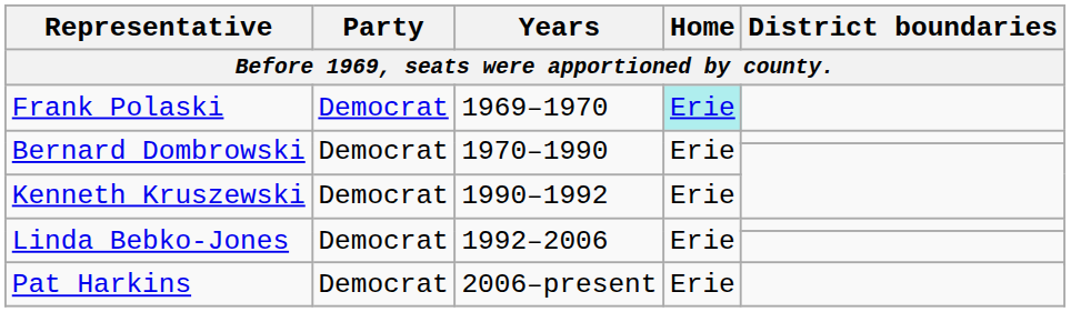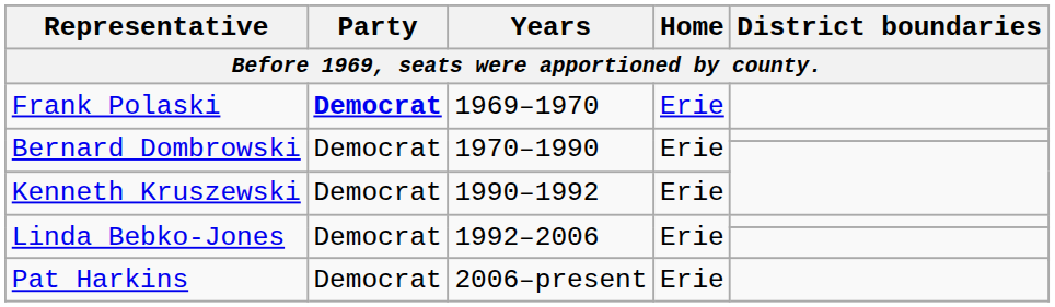 <table class=wikitable>
 <tr valign=bottom>
 <th>Representative</th>
 <th>Party</th>
 <th>Years</th>
 <th>Home</th>
 <th>District boundaries</th>
 </tr>
 <tr>
 <th colspan=5 style="font-size: 80%;"><em>Before 1969, seats were apportioned by county.</em></th>
 </tr>
 <tr>
 <td><a href='#'>Frank Polaski</a></td>
-<td><a href='#'>Democrat</a></td>
+<td><strong><a href='#'>Democrat</a></strong></td>
 <td>1969–1970<br></td>
-<td style="background: paleturquoise;"><a href='#'>Erie</a></td>
+<td><a href='#'>Erie</a></td>
 <td rowspan="2"></td>
 </tr>
 <tr>
 <td rowspan="3"><a href='#'>Bernard Dombrowski</a></td>
 <td rowspan="3">Democrat</td>
 <td rowspan="3">1970–1990<br></td>
 <td rowspan="3">Erie</td>
 </tr>
 <tr>
 <td></td>
 </tr>
 <tr>
 <td rowspan="2"></td>
 </tr>
 <tr>
 <td><a href='#'>Kenneth Kruszewski</a></td>
 <td>Democrat</td>
 <td>1990–1992<br></td>
 <td>Erie</td>
 </tr>
 <tr>
 <td rowspan="2"><a href='#'>Linda Bebko-Jones</a></td>
 <td rowspan="2">Democrat</td>
 <td rowspan="2">1992–2006<br></td>
 <td rowspan="2">Erie</td>
 <td></td>
 </tr>
 <tr>
 <td rowspan="2"></td>
 </tr>
 <tr>
 <td rowspan="2"><a href='#'>Pat Harkins</a></td>
 <td rowspan="2">Democrat</td>
 <td rowspan="2">2006–present</td>
 <td rowspan="2">Erie</td>
 </tr>
 <tr>
 <td></td>
 </tr>
 </table>
